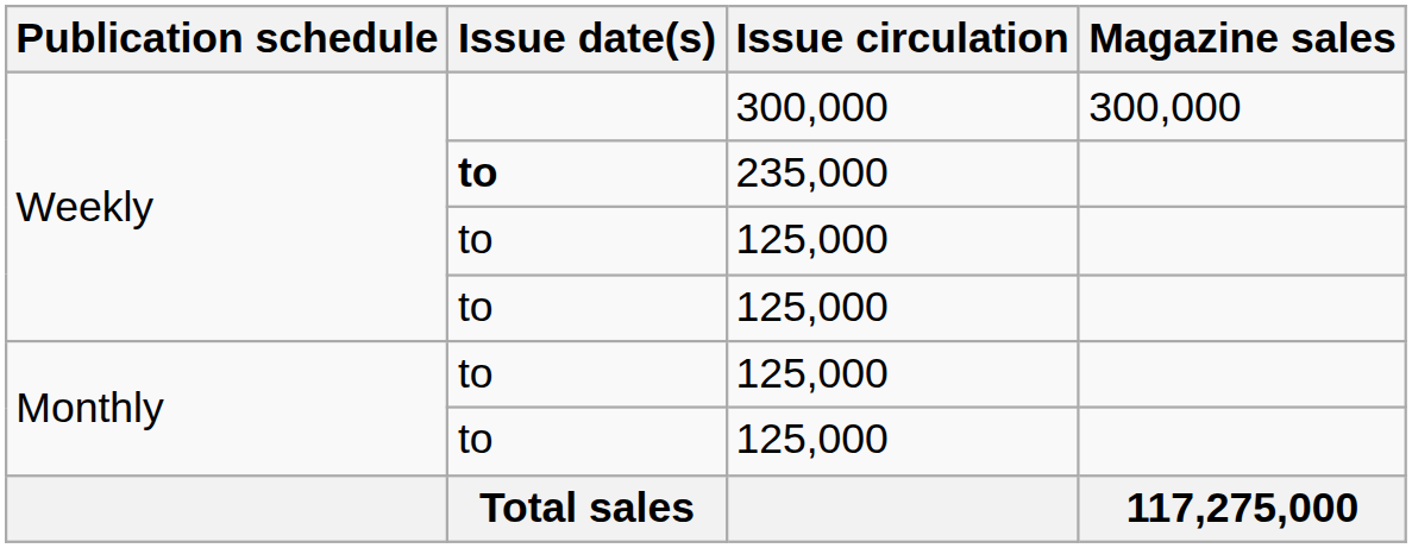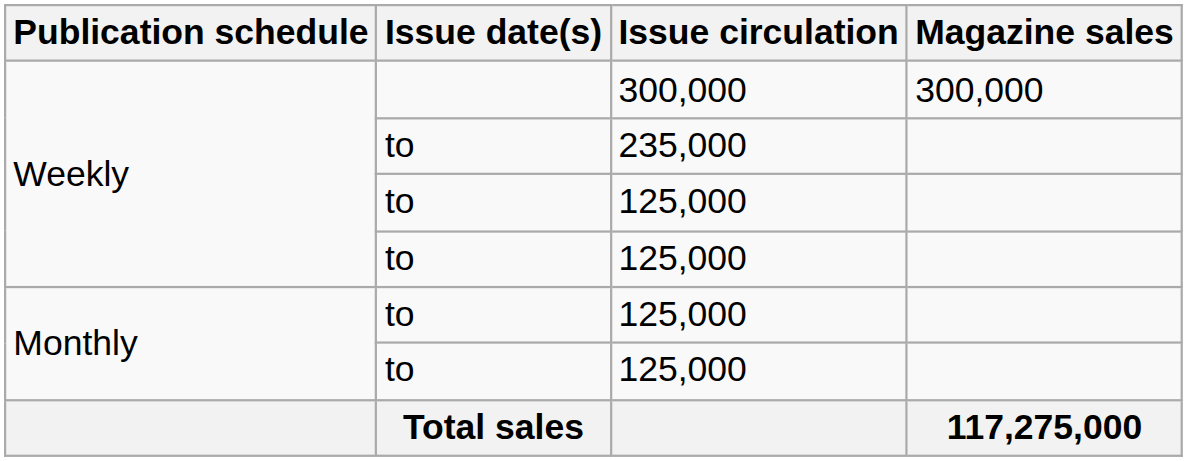 <table class="wikitable sortable">
 <tr>
 <th>Publication schedule</th>
 <th>Issue date(s)</th>
 <th>Issue circulation</th>
 <th>Magazine sales</th>
 </tr>
 <tr>
 <td rowspan="4">Weekly</td>
 <td></td>
 <td>300,000</td>
 <td>300,000</td>
 </tr>
 <tr>
-<td><strong> to </strong></td>
+<td> to </td>
 <td>235,000</td>
 <td></td>
 </tr>
 <tr>
 <td> to </td>
 <td>125,000</td>
 <td></td>
 </tr>
 <tr>
 <td> to </td>
 <td>125,000</td>
 <td></td>
 </tr>
 <tr>
 <td rowspan="2">Monthly</td>
 <td> to </td>
 <td>125,000</td>
 <td></td>
 </tr>
 <tr>
 <td> to </td>
 <td>125,000</td>
 <td></td>
 </tr>
 <tr>
 <th></th>
 <th>Total sales</th>
 <th></th>
 <th>117,275,000</th>
 </tr>
 </table>
